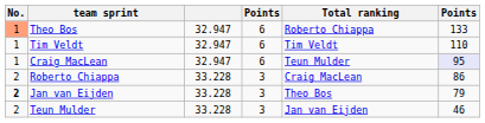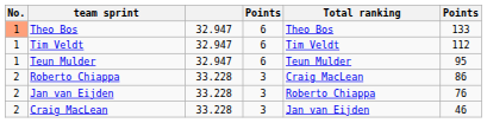 <table class="wikitable">
 <tr>
 <th width="20px">No.</th>
 <th width="200px">team sprint</th>
 <th width="70px"></th>
 <th width="40px">Points</th>
 <th width="200px">Total ranking</th>
 <th width="40px">Points</th>
 </tr>
 <tr align=center>
 <td style="background: lightsalmon;">1</td>
 <td align=left> <a href='#'>Theo Bos</a></td>
 <td>32.947</td>
 <td>6</td>
-<td align=left> <a href='#'>Roberto Chiappa</a></td>
+<td align=left> <a href='#'>Theo Bos</a></td>
 <td>133</td>
 </tr>
 <tr align=center>
 <td>1</td>
 <td align=left> <a href='#'>Tim Veldt</a></td>
 <td>32.947</td>
 <td>6</td>
 <td align=left> <a href='#'>Tim Veldt</a></td>
-<td>110</td>
+<td>112</td>
 </tr>
 <tr align=center>
 <td>1</td>
-<td align=left> <a href='#'>Craig MacLean</a></td>
+<td align=left> <a href='#'>Teun Mulder</a></td>
 <td>32.947</td>
 <td>6</td>
 <td align=left> <a href='#'>Teun Mulder</a></td>
-<td style="background: lavender;">95</td>
+<td>95</td>
 </tr>
 <tr align=center>
 <td>2</td>
 <td align=left> <a href='#'>Roberto Chiappa</a></td>
 <td>33.228</td>
 <td>3</td>
 <td align=left> <a href='#'>Craig MacLean</a></td>
 <td>86</td>
 </tr>
 <tr align=center>
-<td><strong>2</strong></td>
+<td>2</td>
 <td align=left> <a href='#'>Jan van Eijden</a></td>
 <td>33.228</td>
 <td>3</td>
-<td align=left> <a href='#'>Theo Bos</a></td>
-<td>79</td>
+<td align=left> <a href='#'>Roberto Chiappa</a></td>
+<td>76</td>
 </tr>
 <tr align=center>
 <td>2</td>
-<td align=left> <a href='#'>Teun Mulder</a></td>
+<td align=left> <a href='#'>Craig MacLean</a></td>
 <td>33.228</td>
 <td>3</td>
 <td align=left> <a href='#'>Jan van Eijden</a></td>
 <td>46</td>
 </tr>
 </table>
